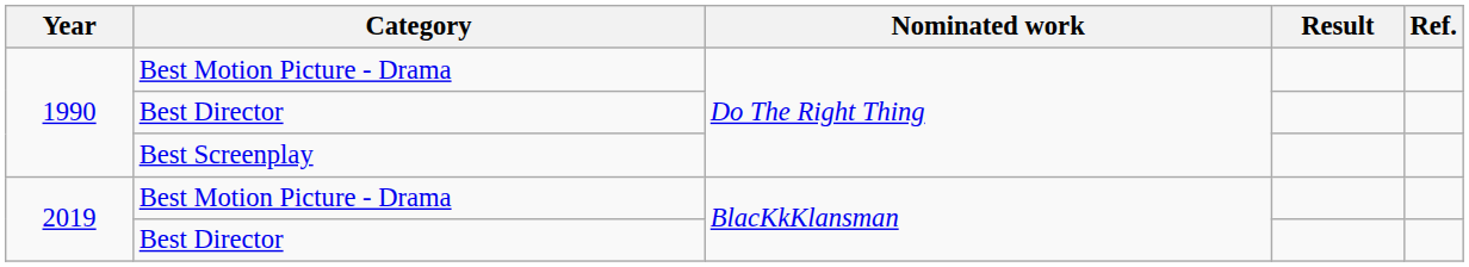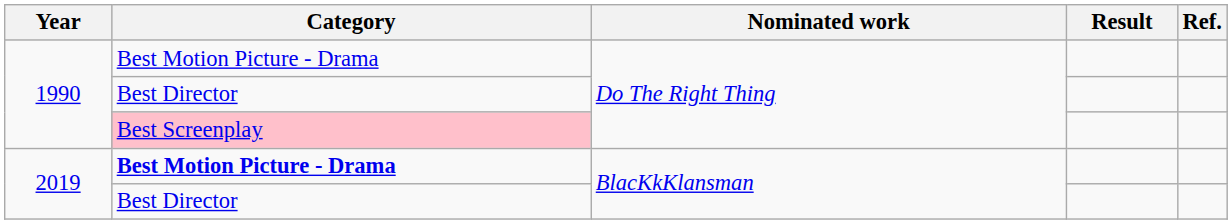 <table class=wikitable>
 <tr>
 <th scope="col" style="width:5em;">Year</th>
 <th scope="col" style="width:26em;">Category</th>
 <th scope="col" style="width:25em;">Nominated work</th>
 <th scope="col" style="width:5em;">Result</th>
 <th>Ref.</th>
 </tr>
 <tr>
 <td style="text-align:center;", rowspan="3"><a href='#'>1990</a></td>
 <td><a href='#'>Best Motion Picture - Drama</a></td>
 <td rowspan="3"><em><a href='#'>Do The Right Thing</a></em></td>
 <td></td>
 <td></td>
 </tr>
 <tr>
 <td><a href='#'>Best Director</a></td>
 <td></td>
 <td></td>
 </tr>
 <tr>
-<td><a href='#'>Best Screenplay</a></td>
+<td style="background: pink;"><a href='#'>Best Screenplay</a></td>
 <td></td>
 <td></td>
 </tr>
 <tr>
 <td style="text-align:center;", rowspan="2"><a href='#'>2019</a></td>
-<td><a href='#'>Best Motion Picture - Drama</a></td>
+<td><strong><a href='#'>Best Motion Picture - Drama</a></strong></td>
 <td rowspan="2"><em><a href='#'>BlacKkKlansman</a></em></td>
 <td></td>
 <td></td>
 </tr>
 <tr>
 <td><a href='#'>Best Director</a></td>
 <td></td>
 <td></td>
 </tr>
 </table>
